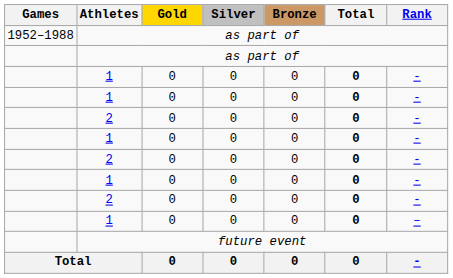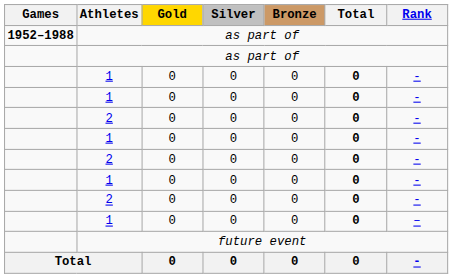 <table class="wikitable" style="text-align:center; font-size:90%;">
 <tr>
 <th>Games</th>
 <th>Athletes</th>
 <td style="background:gold; width:4.5em; font-weight:bold;">Gold</td>
 <td style="background:silver; width:4.5em; font-weight:bold;">Silver</td>
 <td style="background:#cc9966; width:4.5em; font-weight:bold;">Bronze</td>
 <th style="width:4.5em; font-weight:bold;">Total</th>
 <th style="width:4.5em; font-weight:bold;"><a href='#'>Rank</a></th>
 </tr>
 <tr>
-<td align=left>1952–1988</td>
+<td align=left><strong>1952–1988</strong></td>
 <td colspan=6><em>as part of </em></td>
 </tr>
 <tr>
 <td align=left></td>
 <td colspan=6><em>as part of </em></td>
 </tr>
 <tr>
 <td align=left></td>
 <td><a href='#'>1</a></td>
 <td>0</td>
 <td>0</td>
 <td>0</td>
 <td><strong>0</strong></td>
 <td><a href='#'>-</a></td>
 </tr>
 <tr>
 <td align=left></td>
 <td><a href='#'>1</a></td>
 <td>0</td>
 <td>0</td>
 <td>0</td>
 <td><strong>0</strong></td>
 <td><a href='#'>-</a></td>
 </tr>
 <tr>
 <td align=left></td>
 <td><a href='#'>2</a></td>
 <td>0</td>
 <td>0</td>
 <td>0</td>
 <td><strong>0</strong></td>
 <td><a href='#'>-</a></td>
 </tr>
 <tr>
 <td align=left></td>
 <td><a href='#'>1</a></td>
 <td>0</td>
 <td>0</td>
 <td>0</td>
 <td><strong>0</strong></td>
 <td><a href='#'>-</a></td>
 </tr>
 <tr>
 <td align=left></td>
 <td><a href='#'>2</a></td>
 <td>0</td>
 <td>0</td>
 <td>0</td>
 <td><strong>0</strong></td>
 <td><a href='#'>-</a></td>
 </tr>
 <tr>
 <td align=left></td>
 <td><a href='#'>1</a></td>
 <td>0</td>
 <td>0</td>
 <td>0</td>
 <td><strong>0</strong></td>
 <td><a href='#'>-</a></td>
 </tr>
 <tr>
 <td align=left></td>
 <td><a href='#'>2</a></td>
 <td>0</td>
 <td>0</td>
 <td>0</td>
 <td><strong>0</strong></td>
 <td><a href='#'>-</a></td>
 </tr>
 <tr>
 <td align=left></td>
 <td><a href='#'>1</a></td>
 <td>0</td>
 <td>0</td>
 <td>0</td>
 <td><strong>0</strong></td>
 <td><a href='#'>–</a></td>
 </tr>
 <tr>
 <td align=left></td>
 <td colspan=6><em>future event</em></td>
 </tr>
 <tr>
 <th colspan=2>Total</th>
 <th>0</th>
 <th>0</th>
 <th>0</th>
 <th>0</th>
 <th><a href='#'>-</a></th>
 </tr>
 </table>
